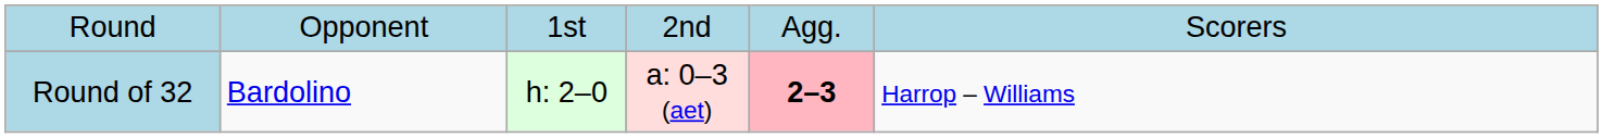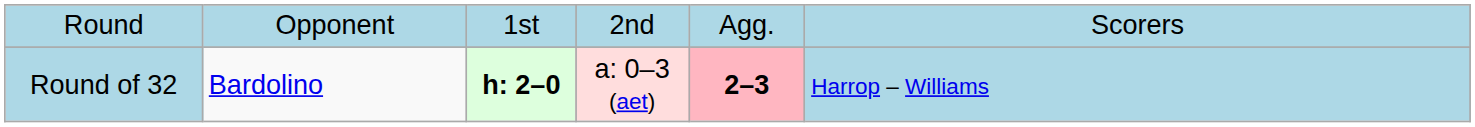 <table class="wikitable" style="text-align:center">
 <tr bgcolor=lightblue>
 <td width=150px>Round</td>
 <td width=200px>Opponent</td>
 <td width=80px>1st</td>
 <td width=80px>2nd</td>
 <td width=80px>Agg.</td>
 <td width=600px>Scorers</td>
 </tr>
 <tr>
 <td bgcolor=lightblue>Round of 32</td>
 <td align=left> <a href='#'>Bardolino</a></td>
-<td bgcolor="#ddffdd">h: 2–0</td>
+<td bgcolor="#ddffdd"><strong>h: 2–0</strong></td>
 <td bgcolor="#ffdddd">a: 0–3 <small>(<a href='#'>aet</a>)</small></td>
 <td bgcolor=lightpink><strong>2–3</strong></td>
-<td align=left><small><a href='#'>Harrop</a> – <a href='#'>Williams</a></small></td>
+<td align=left style="background: lightblue;"><small><a href='#'>Harrop</a> – <a href='#'>Williams</a></small></td>
 </tr>
 </table>
